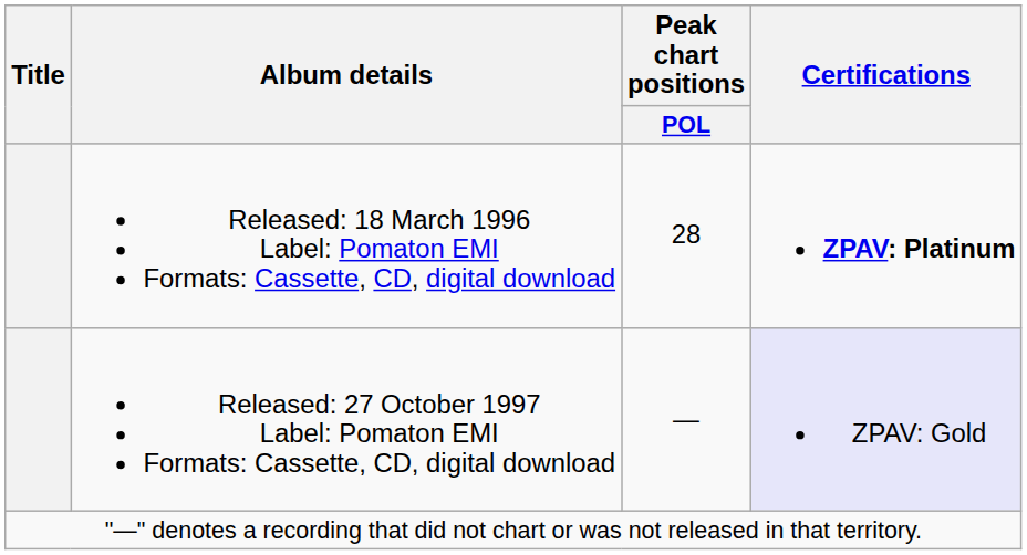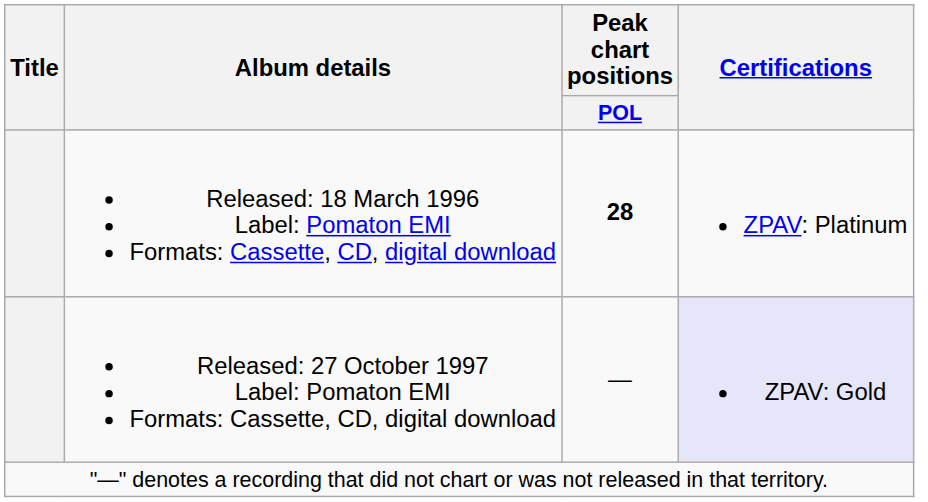 <table class="wikitable plainrowheaders" style="text-align:center;">
 <tr>
 <th rowspan="2" scope="col">Title</th>
 <th rowspan="2" scope="col">Album details</th>
 <th colspan="1" scope="col">Peak chart positions</th>
 <th rowspan="2" scope="col"><a href='#'>Certifications</a></th>
 </tr>
 <tr>
 <th scope="col" style="width:3em;font-size:90%;"><a href='#'>POL</a><br></th>
 </tr>
 <tr>
 <th scope="row"></th>
 <td><br><ul><li>Released: 18 March 1996</li><li>Label: <a href='#'>Pomaton EMI</a></li><li>Formats: <a href='#'>Cassette</a>, <a href='#'>CD</a>, <a href='#'>digital download</a></li></ul></td>
-<td>28</td>
-<td><strong><br><ul><li><a href='#'>ZPAV</a>: Platinum</li></ul></strong></td>
+<td><strong>28</strong></td>
+<td><br><ul><li><a href='#'>ZPAV</a>: Platinum</li></ul></td>
 </tr>
 <tr>
 <th scope="row"></th>
 <td><br><ul><li>Released: 27 October 1997</li><li>Label: Pomaton EMI</li><li>Formats: Cassette, CD, digital download</li></ul></td>
 <td>—</td>
 <td style="background: lavender;"><br><ul><li>ZPAV: Gold</li></ul></td>
 </tr>
 <tr>
 <td colspan="4" style="font-size:90%">"—" denotes a recording that did not chart or was not released in that territory.</td>
 </tr>
 </table>
